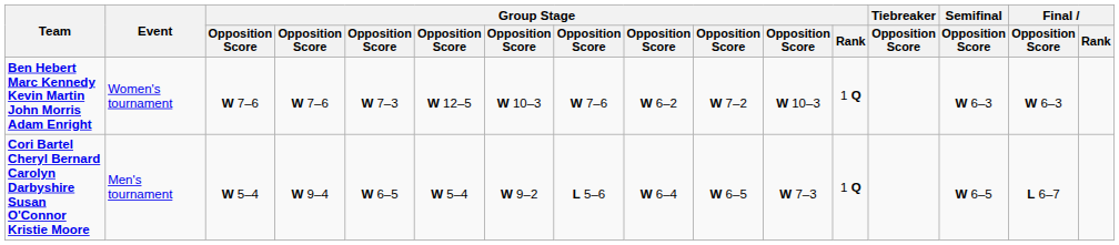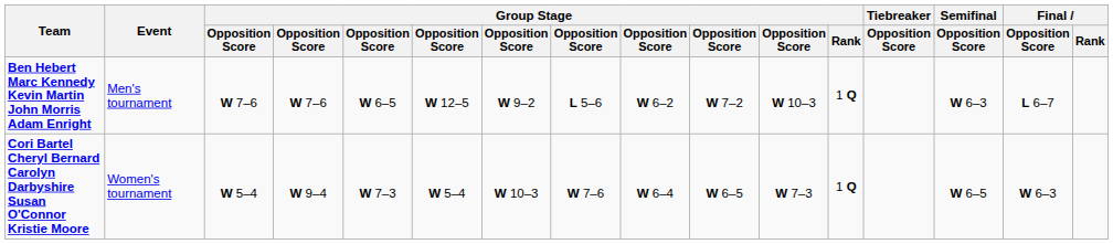 <table class="wikitable" style="font-size:90%">
 <tr>
 <th rowspan=2>Team</th>
 <th rowspan=2>Event</th>
 <th colspan=10>Group Stage</th>
 <th>Tiebreaker</th>
 <th>Semifinal</th>
 <th colspan=2>Final / </th>
 </tr>
 <tr style="font-size:95%">
 <th>Opposition<br>Score</th>
 <th>Opposition<br>Score</th>
 <th>Opposition<br>Score</th>
 <th>Opposition<br>Score</th>
 <th>Opposition<br>Score</th>
 <th>Opposition<br>Score</th>
 <th>Opposition<br>Score</th>
 <th>Opposition<br>Score</th>
 <th>Opposition<br>Score</th>
 <th>Rank</th>
 <th>Opposition<br>Score</th>
 <th>Opposition<br>Score</th>
 <th>Opposition<br>Score</th>
 <th>Rank</th>
 </tr>
 <tr align=center>
 <td align=left><strong><a href='#'>Ben Hebert</a><br><a href='#'>Marc Kennedy</a><br><a href='#'>Kevin Martin</a><br><a href='#'>John Morris</a><br><a href='#'>Adam Enright</a></strong></td>
-<td align=left><a href='#'>Women's tournament</a></td>
+<td align=left><a href='#'>Men's tournament</a></td>
 <td><br><strong>W</strong> 7–6</td>
 <td><br><strong>W</strong> 7–6</td>
-<td><br><strong>W</strong> 7–3</td>
+<td><br><strong>W</strong> 6–5</td>
 <td><br><strong>W</strong> 12–5</td>
-<td><br><strong>W</strong> 10–3</td>
-<td><br><strong>W</strong> 7–6</td>
+<td><br><strong>W</strong> 9–2</td>
+<td><br><strong>L</strong> 5–6</td>
 <td><br><strong>W</strong> 6–2</td>
 <td><br><strong>W</strong> 7–2</td>
 <td><br><strong>W</strong> 10–3</td>
 <td>1 <strong>Q</strong></td>
 <td></td>
 <td><br><strong>W</strong> 6–3</td>
-<td><br><strong>W</strong> 6–3</td>
+<td><br><strong>L</strong> 6–7</td>
 <td></td>
 </tr>
 <tr align=center>
 <td align=left><strong><a href='#'>Cori Bartel</a><br><a href='#'>Cheryl Bernard</a><br><a href='#'>Carolyn Darbyshire</a><br><a href='#'>Susan O'Connor</a><br><a href='#'>Kristie Moore</a></strong></td>
-<td align=left><a href='#'>Men's tournament</a></td>
+<td align=left><a href='#'>Women's tournament</a></td>
 <td><br><strong>W</strong> 5–4</td>
 <td><br><strong>W</strong> 9–4</td>
-<td><br><strong>W</strong> 6–5</td>
+<td><br><strong>W</strong> 7–3</td>
 <td><br><strong>W</strong> 5–4</td>
-<td><br><strong>W</strong> 9–2</td>
-<td><br><strong>L</strong> 5–6</td>
+<td><br><strong>W</strong> 10–3</td>
+<td><br><strong>W</strong> 7–6</td>
 <td><br><strong>W</strong> 6–4</td>
 <td><br><strong>W</strong> 6–5</td>
 <td><br><strong>W</strong> 7–3</td>
 <td>1 <strong>Q</strong></td>
 <td></td>
 <td><br><strong>W</strong> 6–5</td>
-<td><br><strong>L</strong> 6–7</td>
+<td><br><strong>W</strong> 6–3</td>
 <td></td>
 </tr>
 </table>
